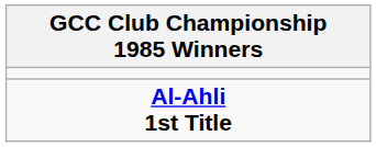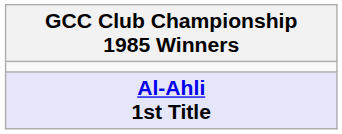 <table class="wikitable" style="text-align: center; margin: 0 auto; width: 20%">
 <tr>
 <th>GCC Club Championship <br>1985 Winners</th>
 </tr>
 <tr>
 <td></td>
 </tr>
 <tr>
-<td><strong><a href='#'>Al-Ahli</a></strong><br><strong>1st Title</strong></td>
+<td style="background: lavender;"><strong><a href='#'>Al-Ahli</a></strong><br><strong>1st Title</strong></td>
 </tr>
 </table>
